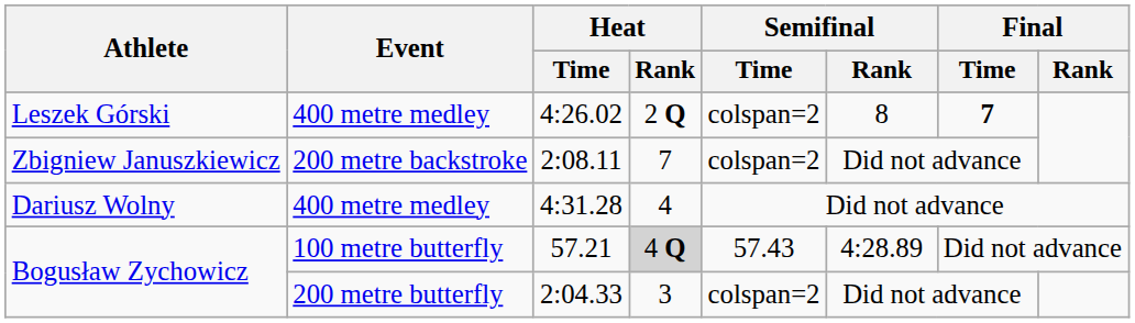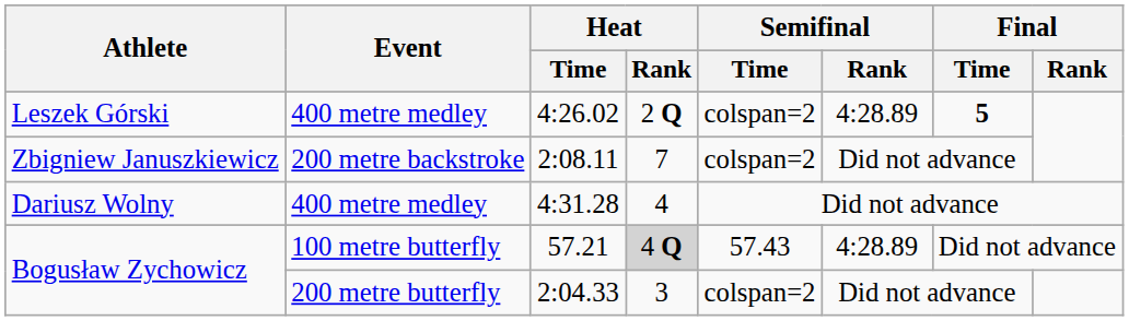 <table class=wikitable style="font-size:90%">
 <tr>
 <th rowspan="2">Athlete</th>
 <th rowspan="2">Event</th>
 <th colspan="2">Heat</th>
 <th colspan="2">Semifinal</th>
 <th colspan="2">Final</th>
 </tr>
 <tr style="font-size:95%">
 <th>Time</th>
 <th>Rank</th>
 <th>Time</th>
 <th>Rank</th>
 <th>Time</th>
 <th>Rank</th>
 </tr>
 <tr align=center>
 <td align=left><a href='#'>Leszek Górski</a></td>
 <td align=left><a href='#'>400 metre medley</a></td>
 <td>4:26.02</td>
 <td>2 <strong>Q</strong></td>
 <td>colspan=2 </td>
-<td>8</td>
-<td><strong>7</strong></td>
+<td>4:28.89</td>
+<td><strong>5</strong></td>
 </tr>
 <tr align=center>
 <td align=left rowspan=1><a href='#'>Zbigniew Januszkiewicz</a></td>
 <td align=left><a href='#'>200 metre backstroke</a></td>
 <td>2:08.11</td>
 <td>7</td>
 <td>colspan=2 </td>
 <td colspan=2 align=center>Did not advance</td>
 </tr>
 <tr align=center>
 <td align=left><a href='#'>Dariusz Wolny</a></td>
 <td align=left><a href='#'>400 metre medley</a></td>
 <td>4:31.28</td>
 <td>4</td>
 <td colspan=4 align=center>Did not advance</td>
 </tr>
 <tr align=center>
 <td align=left rowspan=2><a href='#'>Bogusław Zychowicz</a></td>
 <td align=left><a href='#'>100 metre butterfly</a></td>
 <td>57.21</td>
 <td style="background: lightgrey;">4 <strong>Q</strong></td>
 <td>57.43</td>
 <td>4:28.89</td>
 <td colspan=2 align=center>Did not advance</td>
 </tr>
 <tr align=center>
 <td align=left><a href='#'>200 metre butterfly</a></td>
 <td>2:04.33</td>
 <td>3</td>
 <td>colspan=2 </td>
 <td colspan=2 align=center>Did not advance</td>
 </tr>
 </table>
